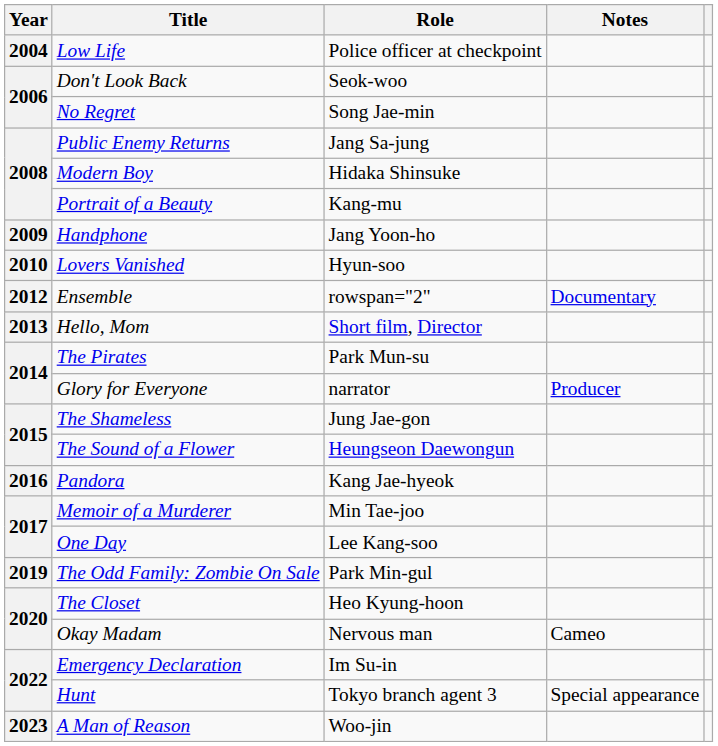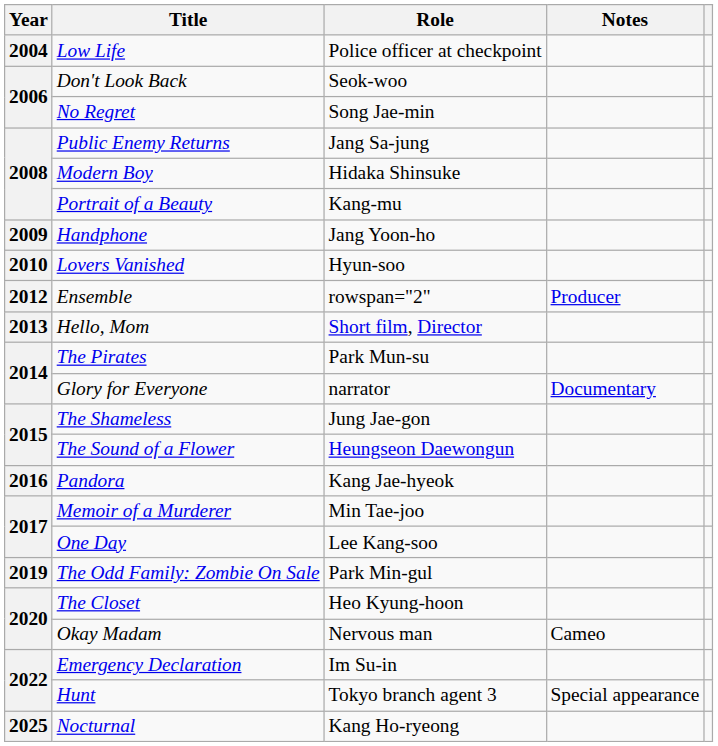 <table class="wikitable plainrowheaders sortable">
 <tr>
 <th scope="col">Year</th>
 <th scope="col">Title</th>
 <th scope="col">Role</th>
 <th scope="col">Notes</th>
 <th scope="col" class="unsortable"></th>
 </tr>
 <tr>
 <th scope="row">2004</th>
 <td><em><a href='#'>Low Life</a></em></td>
 <td>Police officer at checkpoint</td>
 <td></td>
 <td style="text-align:center"></td>
 </tr>
 <tr>
 <th scope="row" rowspan="2">2006</th>
 <td><em>Don't Look Back</em></td>
 <td>Seok-woo</td>
 <td></td>
 <td style="text-align:center"></td>
 </tr>
 <tr>
 <td><em><a href='#'>No Regret</a></em></td>
 <td>Song Jae-min</td>
 <td></td>
 <td style="text-align:center"></td>
 </tr>
 <tr>
 <th scope="row" rowspan="3">2008</th>
 <td><em><a href='#'>Public Enemy Returns</a></em></td>
 <td>Jang Sa-jung</td>
 <td></td>
 <td style="text-align:center"></td>
 </tr>
 <tr>
 <td><em><a href='#'>Modern Boy</a></em></td>
 <td>Hidaka Shinsuke</td>
 <td></td>
 <td style="text-align:center"></td>
 </tr>
 <tr>
 <td><em><a href='#'>Portrait of a Beauty</a></em></td>
 <td>Kang-mu</td>
 <td></td>
 <td style="text-align:center"></td>
 </tr>
 <tr>
 <th scope="row">2009</th>
 <td><em><a href='#'>Handphone</a></em></td>
 <td>Jang Yoon-ho</td>
 <td></td>
 <td style="text-align:center"></td>
 </tr>
 <tr>
 <th scope="row">2010</th>
 <td><em><a href='#'>Lovers Vanished</a></em></td>
 <td>Hyun-soo</td>
 <td></td>
 <td style="text-align:center"></td>
 </tr>
 <tr>
 <th scope="row">2012</th>
 <td><em>Ensemble</em></td>
 <td>rowspan="2" </td>
-<td><a href='#'>Documentary</a></td>
+<td><a href='#'>Producer</a></td>
 <td style="text-align:center"></td>
 </tr>
 <tr>
 <th scope="row">2013</th>
 <td><em>Hello, Mom</em></td>
 <td><a href='#'>Short film</a>, <a href='#'>Director</a></td>
 <td style="text-align:center"></td>
 </tr>
 <tr>
 <th scope="row"  rowspan="2">2014</th>
 <td><em><a href='#'>The Pirates</a></em></td>
 <td>Park Mun-su</td>
 <td></td>
 <td style="text-align:center"></td>
 </tr>
 <tr>
 <td><em>Glory for Everyone</em></td>
 <td>narrator</td>
-<td><a href='#'>Producer</a></td>
+<td><a href='#'>Documentary</a></td>
 <td style="text-align:center"></td>
 </tr>
 <tr>
 <th scope="row"  rowspan="2">2015</th>
 <td><em><a href='#'>The Shameless</a></em></td>
 <td>Jung Jae-gon</td>
 <td></td>
 <td style="text-align:center"></td>
 </tr>
 <tr>
 <td><em><a href='#'>The Sound of a Flower</a></em></td>
 <td><a href='#'>Heungseon Daewongun</a></td>
 <td></td>
 <td style="text-align:center"></td>
 </tr>
 <tr>
 <th scope="row">2016</th>
 <td><em><a href='#'>Pandora</a></em></td>
 <td>Kang Jae-hyeok</td>
 <td></td>
 <td style="text-align:center"></td>
 </tr>
 <tr>
 <th scope="row"  rowspan="2">2017</th>
 <td><em><a href='#'>Memoir of a Murderer</a></em></td>
 <td>Min Tae-joo</td>
 <td></td>
 <td style="text-align:center"></td>
 </tr>
 <tr>
 <td><em><a href='#'>One Day</a></em></td>
 <td>Lee Kang-soo</td>
 <td></td>
 <td style="text-align:center"></td>
 </tr>
 <tr>
 <th scope="row">2019</th>
 <td><em><a href='#'>The Odd Family: Zombie On Sale</a></em></td>
 <td>Park Min-gul</td>
 <td></td>
 <td style="text-align:center"></td>
 </tr>
 <tr>
 <th scope="row" rowspan="2">2020</th>
 <td><em><a href='#'>The Closet</a></em></td>
 <td>Heo Kyung-hoon</td>
 <td></td>
 <td style="text-align:center"></td>
 </tr>
 <tr>
 <td><em> Okay Madam	</em></td>
 <td>Nervous man</td>
 <td>Cameo</td>
 <td style="text-align:center"></td>
 </tr>
 <tr>
 <th scope="row" rowspan="2">2022</th>
 <td><em><a href='#'>Emergency Declaration</a></em></td>
 <td>Im Su-in</td>
 <td></td>
 <td style="text-align:center"></td>
 </tr>
 <tr>
 <td><em><a href='#'>Hunt</a></em></td>
 <td>Tokyo branch agent 3</td>
 <td>Special appearance</td>
 <td style="text-align:center"></td>
 </tr>
 <tr>
-<th scope="row">2023</th>
-<td><em><a href='#'>A Man of Reason</a></em></td>
-<td>Woo-jin</td>
+<th scope="row">2025</th>
+<td><em><a href='#'>Nocturnal</a></em></td>
+<td>Kang Ho-ryeong</td>
 <td></td>
 <td style="text-align:center"></td>
 </tr>
 </table>
